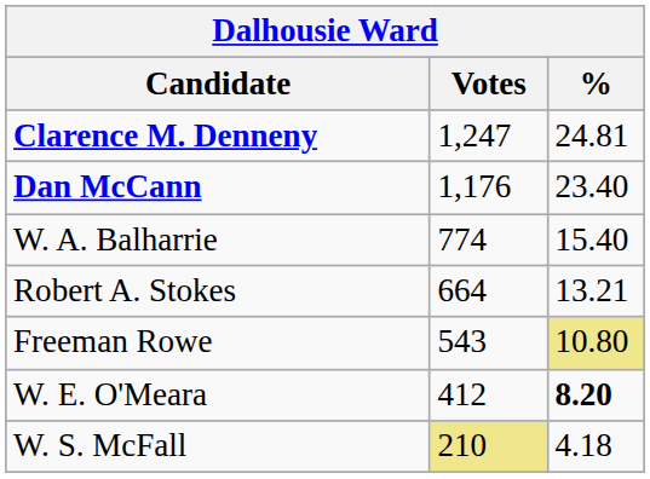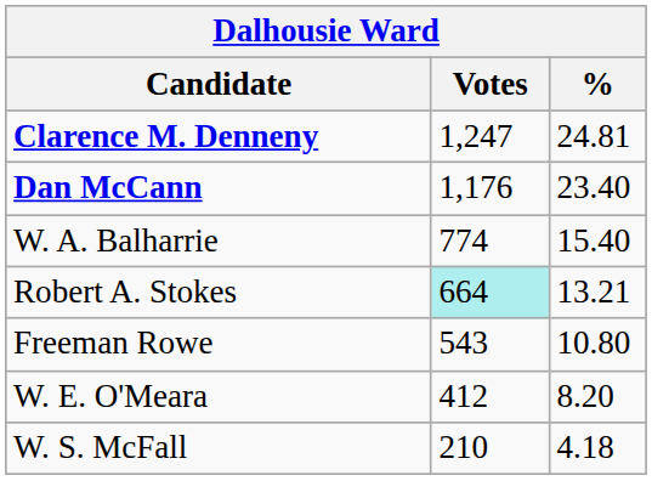 <table class="wikitable">
 <tr>
 <th colspan="3"><a href='#'>Dalhousie Ward</a></th>
 </tr>
 <tr>
 <th style="width: 200px">Candidate</th>
 <th style="width: 50px">Votes</th>
 <th style="width: 40px">%</th>
 </tr>
 <tr>
 <td><strong><a href='#'>Clarence M. Denneny</a></strong></td>
 <td>1,247</td>
 <td>24.81</td>
 </tr>
 <tr>
 <td><strong><a href='#'>Dan McCann</a></strong></td>
 <td>1,176</td>
 <td>23.40</td>
 </tr>
 <tr>
 <td>W. A. Balharrie</td>
 <td>774</td>
 <td>15.40</td>
 </tr>
 <tr>
 <td>Robert A. Stokes</td>
-<td>664</td>
+<td style="background: paleturquoise;">664</td>
 <td>13.21</td>
 </tr>
 <tr>
 <td>Freeman Rowe</td>
 <td>543</td>
-<td style="background: khaki;">10.80</td>
+<td>10.80</td>
 </tr>
 <tr>
 <td>W. E. O'Meara</td>
 <td>412</td>
-<td><strong>8.20</strong></td>
+<td>8.20</td>
 </tr>
 <tr>
 <td>W. S. McFall</td>
-<td style="background: khaki;">210</td>
+<td>210</td>
 <td>4.18</td>
 </tr>
 </table>
